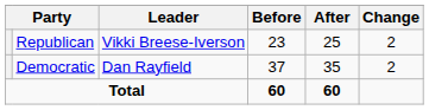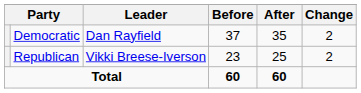 <table class="wikitable" style="text-align:center;">
 <tr>
 </tr>
 <tr>
 <th colspan=2>Party</th>
 <th>Leader</th>
 <th style="width:3em">Before</th>
 <th style="width:3em">After</th>
 <th style="width:3em">Change</th>
 </tr>
 <tr>
 <th style="background-color:"></th>
+<td style="text-align:left;"><a href='#'>Democratic</a></td>
+<td style="text-align:left;"><a href='#'>Dan Rayfield</a></td>
+<td>37</td>
+<td>35</td>
+<td>2</td>
+</tr>
+<tr>
+<th style="background-color:"></th>
 <td style="text-align:left;"><a href='#'>Republican</a></td>
 <td style="text-align:left;"><a href='#'>Vikki Breese-Iverson</a></td>
 <td>23</td>
 <td>25</td>
-<td>2</td>
-</tr>
-<tr>
-<th style="background-color:"></th>
-<td style="text-align:left;"><a href='#'>Democratic</a></td>
-<td style="text-align:left;"><a href='#'>Dan Rayfield</a></td>
-<td>37</td>
-<td>35</td>
 <td>2</td>
 </tr>
 <tr>
 <td colspan=3><strong>Total</strong></td>
 <td><strong>60</strong></td>
 <td><strong>60</strong></td>
 <td></td>
 </tr>
 </table>
